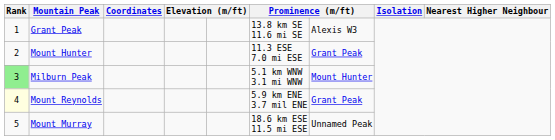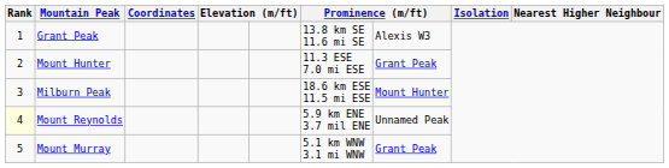 <table class="wikitable sortable">
 <tr>
 <th>Rank</th>
 <th><a href='#'>Mountain Peak</a></th>
 <th><a href='#'>Coordinates</a></th>
 <th colspan=2>Elevation (m/ft)</th>
 <th colspan=2><a href='#'>Prominence</a> (m/ft)</th>
 <th><a href='#'>Isolation</a></th>
 <th>Nearest Higher Neighbour</th>
 </tr>
 <tr>
 <td style="text-align:center">1</td>
 <td><a href='#'>Grant Peak</a></td>
 <td></td>
 <td></td>
 <td></td>
 <td>13.8 km  SE<br>11.6 mi SE</td>
 <td>Alexis W3</td>
 </tr>
 <tr>
 <td style="text-align:center">2</td>
 <td><a href='#'>Mount Hunter</a></td>
 <td></td>
 <td></td>
 <td></td>
 <td>11.3 ESE<br>7.0 mi ESE</td>
 <td><a href='#'>Grant Peak</a></td>
 </tr>
 <tr>
-<td style="background: lightgreen; text-align:center">3</td>
+<td style="text-align:center">3</td>
 <td><a href='#'>Milburn Peak</a></td>
 <td></td>
 <td></td>
 <td></td>
-<td>5.1 km WNW<br>3.1 mi WNW</td>
+<td>18.6 km ESE<br>11.5 mi ESE</td>
 <td><a href='#'>Mount Hunter</a></td>
 </tr>
 <tr>
 <td style="background: lightyellow; text-align:center">4</td>
 <td><a href='#'>Mount Reynolds</a></td>
 <td></td>
 <td></td>
 <td></td>
 <td>5.9 km  ENE<br>3.7 mil ENE</td>
-<td><a href='#'>Grant Peak</a></td>
+<td>Unnamed Peak</td>
 </tr>
 <tr>
 <td style="text-align:center">5</td>
 <td><a href='#'>Mount Murray</a></td>
 <td></td>
 <td></td>
 <td></td>
-<td>18.6 km ESE<br>11.5 mi ESE</td>
-<td>Unnamed Peak</td>
+<td>5.1 km WNW<br>3.1 mi WNW</td>
+<td><a href='#'>Grant Peak</a></td>
 </tr>
 </table>
